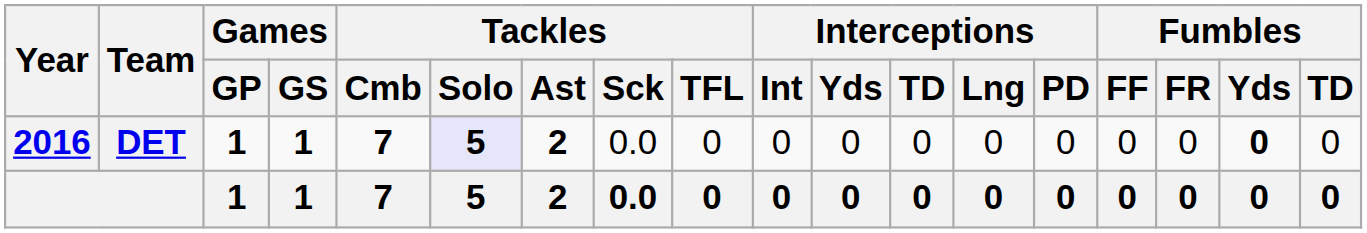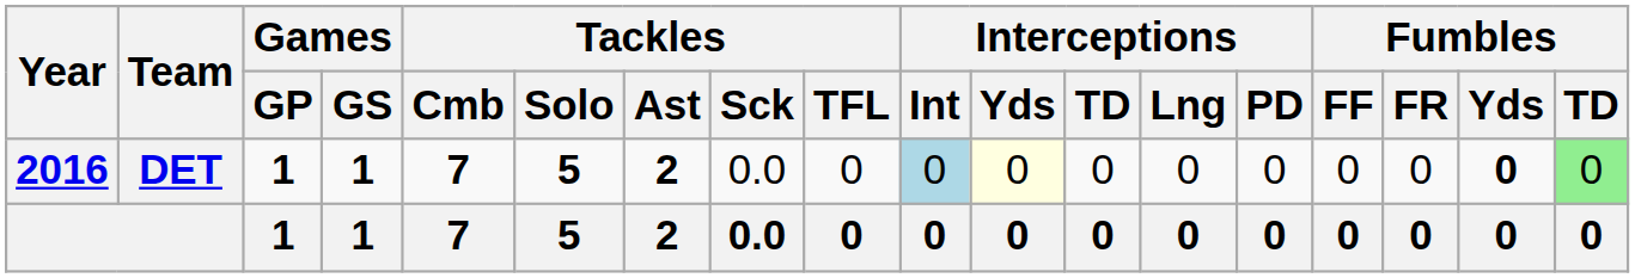 <table class="wikitable" style="text-align:center">
 <tr>
 <th rowspan="2">Year</th>
 <th rowspan="2">Team</th>
 <th colspan="2">Games</th>
 <th colspan="5">Tackles</th>
 <th colspan="5">Interceptions</th>
 <th colspan="4">Fumbles</th>
 </tr>
 <tr>
 <th>GP</th>
 <th>GS</th>
 <th>Cmb</th>
 <th>Solo</th>
 <th>Ast</th>
 <th>Sck</th>
 <th>TFL</th>
 <th>Int</th>
 <th>Yds</th>
 <th>TD</th>
 <th>Lng</th>
 <th>PD</th>
 <th>FF</th>
 <th>FR</th>
 <th>Yds</th>
 <th>TD</th>
 </tr>
 <tr>
 <th><a href='#'>2016</a></th>
 <th><a href='#'>DET</a></th>
 <td><strong>1</strong></td>
 <td><strong>1</strong></td>
 <td><strong>7</strong></td>
-<td style="background: lavender;"><strong>5</strong></td>
+<td><strong>5</strong></td>
 <td><strong>2</strong></td>
 <td>0.0</td>
 <td>0</td>
-<td>0</td>
-<td>0</td>
+<td style="background: lightblue;">0</td>
+<td style="background: lightyellow;">0</td>
 <td>0</td>
 <td>0</td>
 <td>0</td>
 <td>0</td>
 <td>0</td>
 <td><strong>0</strong></td>
-<td>0</td>
+<td style="background: lightgreen;">0</td>
 </tr>
 <tr>
 <th colspan="2"></th>
 <th>1</th>
 <th>1</th>
 <th>7</th>
 <th>5</th>
 <th>2</th>
 <th>0.0</th>
 <th>0</th>
 <th>0</th>
 <th>0</th>
 <th>0</th>
 <th>0</th>
 <th>0</th>
 <th>0</th>
 <th>0</th>
 <th>0</th>
 <th>0</th>
 </tr>
 </table>
